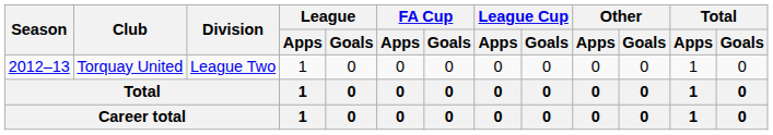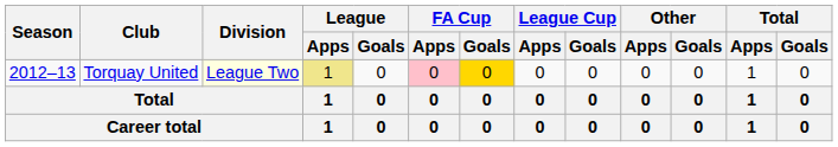 <table class="wikitable" style="text-align:center;">
 <tr>
 <th rowspan=2>Season</th>
 <th rowspan=2>Club</th>
 <th rowspan=2>Division</th>
 <th colspan=2>League</th>
 <th colspan=2><a href='#'>FA Cup</a></th>
 <th colspan=2><a href='#'>League Cup</a></th>
 <th colspan=2>Other</th>
 <th colspan=2>Total</th>
 </tr>
 <tr>
 <th>Apps</th>
 <th>Goals</th>
 <th>Apps</th>
 <th>Goals</th>
 <th>Apps</th>
 <th>Goals</th>
 <th>Apps</th>
 <th>Goals</th>
 <th>Apps</th>
 <th>Goals</th>
 </tr>
 <tr>
 <td><a href='#'>2012–13</a></td>
 <td><a href='#'>Torquay United</a></td>
-<td><a href='#'>League Two</a></td>
-<td>1</td>
+<td style="background: lightyellow;"><a href='#'>League Two</a></td>
+<td style="background: khaki;">1</td>
 <td>0</td>
-<td>0</td>
-<td>0</td>
+<td style="background: pink;">0</td>
+<td style="background: gold;">0</td>
 <td>0</td>
 <td>0</td>
 <td>0</td>
 <td>0</td>
 <td>1</td>
 <td>0</td>
 </tr>
 <tr>
 <th colspan=3>Total</th>
 <th>1</th>
 <th>0</th>
 <th>0</th>
 <th>0</th>
 <th>0</th>
 <th>0</th>
 <th>0</th>
 <th>0</th>
 <th>1</th>
 <th>0</th>
 </tr>
 <tr>
 <th colspan=3>Career total</th>
 <th>1</th>
 <th>0</th>
 <th>0</th>
 <th>0</th>
 <th>0</th>
 <th>0</th>
 <th>0</th>
 <th>0</th>
 <th>1</th>
 <th>0</th>
 </tr>
 </table>
